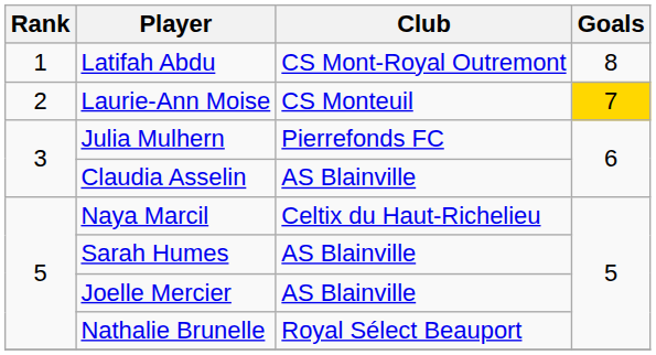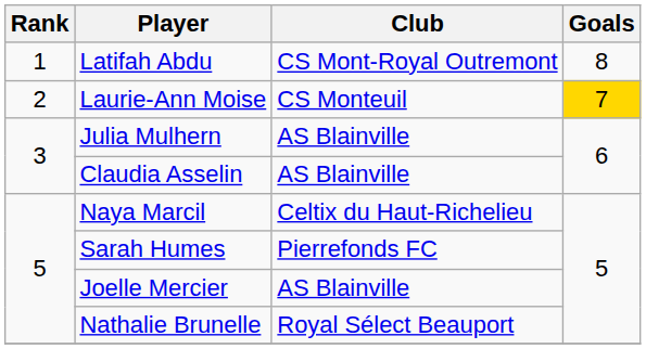 <table class="wikitable">
 <tr>
 <th>Rank</th>
 <th>Player</th>
 <th>Club</th>
 <th>Goals</th>
 </tr>
 <tr>
 <td align=center>1</td>
 <td><a href='#'>Latifah Abdu</a></td>
 <td><a href='#'>CS Mont-Royal Outremont</a></td>
 <td align=center>8</td>
 </tr>
 <tr>
 <td align=center>2</td>
 <td><a href='#'>Laurie-Ann Moise</a></td>
 <td><a href='#'>CS Monteuil</a></td>
 <td align=center style="background: gold;">7</td>
 </tr>
 <tr>
 <td rowspan="2" align=center>3</td>
 <td><a href='#'>Julia Mulhern</a></td>
-<td><a href='#'>Pierrefonds FC</a></td>
+<td><a href='#'>AS Blainville</a></td>
 <td rowspan="2" align=center>6</td>
 </tr>
 <tr>
 <td><a href='#'>Claudia Asselin</a></td>
 <td><a href='#'>AS Blainville</a></td>
 </tr>
 <tr>
 <td rowspan="4" align=center>5</td>
 <td><a href='#'>Naya Marcil</a></td>
 <td><a href='#'>Celtix du Haut-Richelieu</a></td>
 <td rowspan="4" align=center>5</td>
 </tr>
 <tr>
 <td><a href='#'>Sarah Humes</a></td>
-<td><a href='#'>AS Blainville</a></td>
+<td><a href='#'>Pierrefonds FC</a></td>
 </tr>
 <tr>
 <td><a href='#'>Joelle Mercier</a></td>
 <td><a href='#'>AS Blainville</a></td>
 </tr>
 <tr>
 <td><a href='#'>Nathalie Brunelle</a></td>
 <td><a href='#'>Royal Sélect Beauport</a></td>
 </tr>
 <tr>
 </tr>
 </table>
